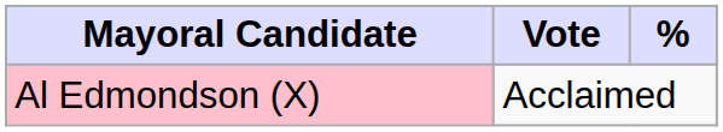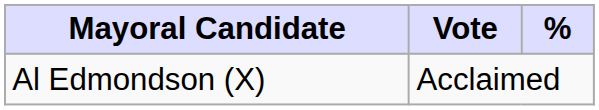 <table class="wikitable">
 <tr>
 <th style="background:#ddf; width:200px;">Mayoral Candidate </th>
 <th style="background:#ddf; width:50px;">Vote</th>
 <th style="background:#ddf; width:30px;">%</th>
 </tr>
 <tr>
-<td style="background: pink;">Al Edmondson (X)</td>
+<td>Al Edmondson (X)</td>
 <td colspan="2">Acclaimed</td>
 </tr>
 </table>
